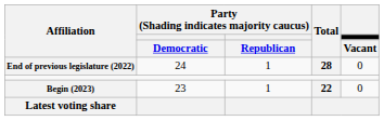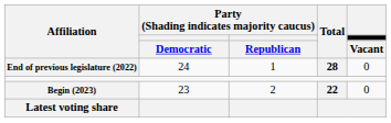 <table class="wikitable" style="text-align:center">
 <tr>
 <th rowspan="3">Affiliation</th>
 <th colspan="2">Party<div>(Shading indicates majority caucus)</div></th>
 <th rowspan="3">Total</th>
 <th></th>
 </tr>
 <tr style="height:5px">
 <th style="background-color:"></th>
 <th style="background-color:"></th>
 <th style="background-color:black"></th>
 </tr>
 <tr>
 <th><a href='#'>Democratic</a></th>
 <th><a href='#'>Republican</a></th>
 <th>Vacant</th>
 </tr>
 <tr>
 <th style="font-size:80%">End of previous legislature (2022)</th>
 <td>24</td>
 <td>1</td>
 <th>28</th>
 <td>0</td>
 </tr>
 <tr>
 <td colspan="5"></td>
 </tr>
 <tr>
 <th style="font-size:80%">Begin (2023)</th>
 <td>23</td>
-<td>1</td>
+<td>2</td>
 <th>22</th>
 <td>0</td>
 </tr>
 <tr>
 <th>Latest voting share</th>
 <th></th>
 <th></th>
 <th colspan="2"></th>
 </tr>
 </table>
